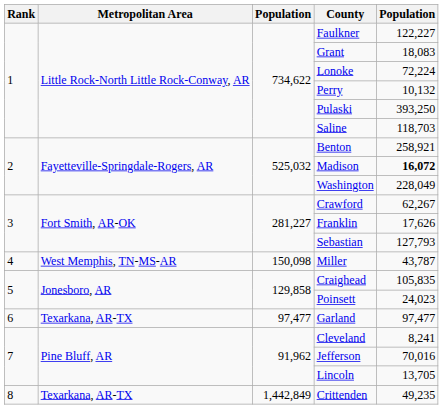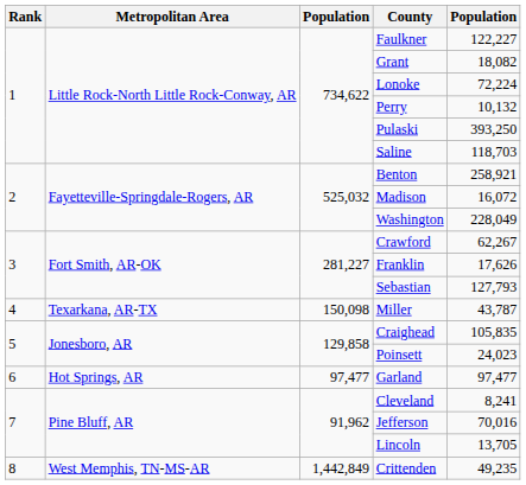 <table class="wikitable">
 <tr>
 <th scope="col'">Rank</th>
 <th scope="col'">Metropolitan Area</th>
 <th scope="col'">Population</th>
 <th scope="col'">County</th>
 <th scope="col'">Population</th>
 </tr>
 <tr>
 <td rowspan=6>1</td>
 <td rowspan=6><a href='#'>Little Rock-North Little Rock-Conway</a>, <a href='#'>AR</a></td>
 <td rowspan=6 align="right">734,622</td>
 <td><a href='#'>Faulkner</a></td>
 <td align=right>122,227</td>
 </tr>
 <tr>
 <td><a href='#'>Grant</a></td>
-<td align=right>18,083</td>
+<td align=right>18,082</td>
 </tr>
 <tr>
 <td><a href='#'>Lonoke</a></td>
 <td align=right>72,224</td>
 </tr>
 <tr>
 <td><a href='#'>Perry</a></td>
 <td align=right>10,132</td>
 </tr>
 <tr>
 <td><a href='#'>Pulaski</a></td>
 <td align=right>393,250</td>
 </tr>
 <tr>
 <td><a href='#'>Saline</a></td>
 <td align=right>118,703</td>
 </tr>
 <tr>
 <td rowspan=3>2</td>
 <td rowspan=3><a href='#'>Fayetteville-Springdale-Rogers</a>, <a href='#'>AR</a></td>
 <td rowspan= 3 align="right">525,032</td>
 <td><a href='#'>Benton</a></td>
 <td align=right>258,921</td>
 </tr>
 <tr>
 <td><a href='#'>Madison</a></td>
-<td align="right"><strong>16,072</strong></td>
+<td align="right">16,072</td>
 </tr>
 <tr>
 <td><a href='#'>Washington</a></td>
 <td align="right">228,049</td>
 </tr>
 <tr>
 <td rowspan=3>3</td>
 <td rowspan=3><a href='#'>Fort Smith</a>, <a href='#'>AR</a>-<a href='#'>OK</a></td>
 <td rowspan = 3 align="right">281,227</td>
 <td><a href='#'>Crawford</a></td>
 <td align="right">62,267</td>
 </tr>
 <tr>
 <td><a href='#'>Franklin</a></td>
 <td align="right">17,626</td>
 </tr>
 <tr>
 <td><a href='#'>Sebastian</a></td>
 <td align="right">127,793</td>
 </tr>
 <tr>
 <td>4</td>
-<td><a href='#'>West Memphis</a>, <a href='#'>TN</a>-<a href='#'>MS</a>-<a href='#'>AR</a></td>
+<td><a href='#'>Texarkana</a>, <a href='#'>AR</a>-<a href='#'>TX</a></td>
 <td align="right">150,098</td>
 <td><a href='#'>Miller</a></td>
 <td align="right">43,787</td>
 </tr>
 <tr>
 <td rowspan=2>5</td>
 <td rowspan=2><a href='#'>Jonesboro</a>, <a href='#'>AR</a></td>
 <td rowspan=2 align="right">129,858</td>
 <td><a href='#'>Craighead</a></td>
 <td align="right">105,835</td>
 </tr>
 <tr>
 <td><a href='#'>Poinsett</a></td>
 <td align="right">24,023</td>
 </tr>
 <tr>
 <td>6</td>
-<td><a href='#'>Texarkana</a>, <a href='#'>AR</a>-<a href='#'>TX</a></td>
+<td><a href='#'>Hot Springs</a>, <a href='#'>AR</a></td>
 <td align="right">97,477</td>
 <td><a href='#'>Garland</a></td>
 <td align="right">97,477</td>
 </tr>
 <tr>
 <td rowspan=3>7</td>
 <td rowspan=3><a href='#'>Pine Bluff</a>, <a href='#'>AR</a></td>
 <td rowspan=3 align="right">91,962</td>
 <td><a href='#'>Cleveland</a></td>
 <td align="right">8,241</td>
 </tr>
 <tr>
 <td><a href='#'>Jefferson</a></td>
 <td align="right">70,016</td>
 </tr>
 <tr>
 <td><a href='#'>Lincoln</a></td>
 <td align="right">13,705</td>
 </tr>
 <tr>
 <td>8</td>
-<td><a href='#'>Texarkana</a>, <a href='#'>AR</a>-<a href='#'>TX</a></td>
+<td><a href='#'>West Memphis</a>, <a href='#'>TN</a>-<a href='#'>MS</a>-<a href='#'>AR</a></td>
 <td align="right">1,442,849</td>
 <td><a href='#'>Crittenden</a></td>
 <td align="right">49,235</td>
 </tr>
 </table>
